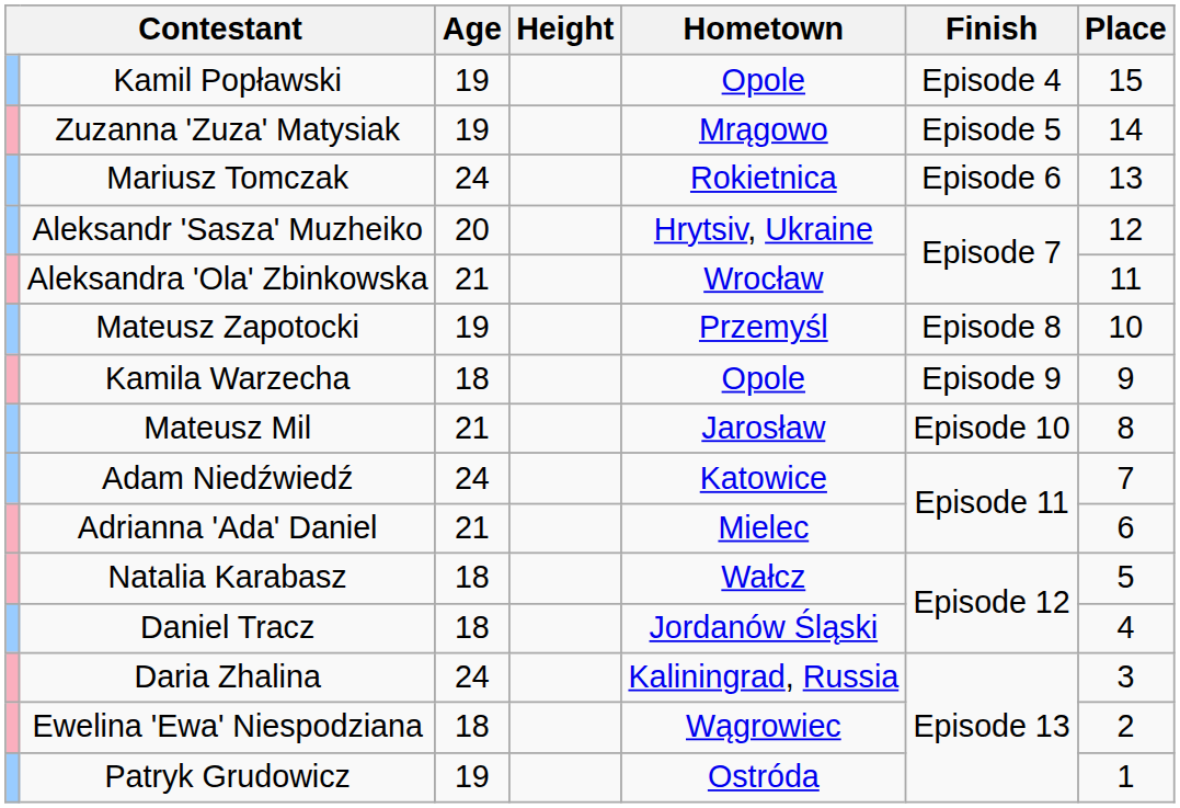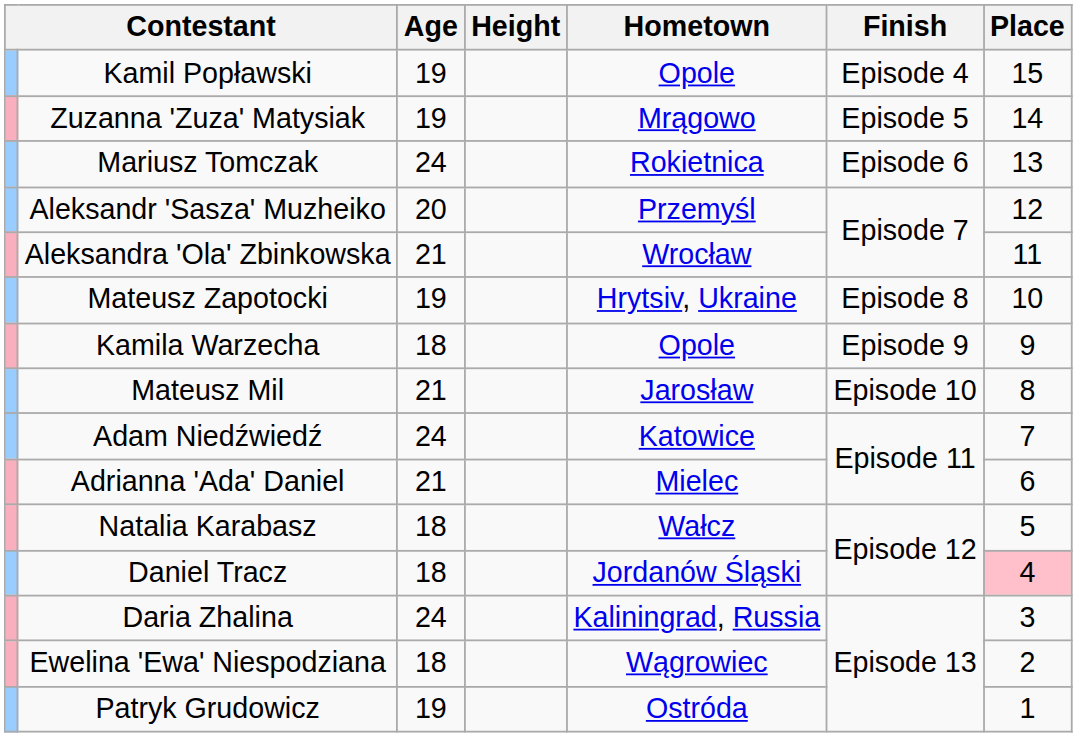 <table class="wikitable sortable" style="text-align:center;">
 <tr>
 <th colspan="2">Contestant</th>
 <th>Age</th>
 <th>Height</th>
 <th>Hometown</th>
 <th>Finish</th>
 <th>Place</th>
 </tr>
 <tr>
 <td style="background:#9cf;"></td>
 <td>Kamil Popławski</td>
 <td>19</td>
 <td></td>
 <td><a href='#'>Opole</a></td>
 <td>Episode 4</td>
 <td>15</td>
 </tr>
 <tr>
 <td style="background:#faafbe"></td>
 <td>Zuzanna 'Zuza' Matysiak</td>
 <td>19</td>
 <td></td>
 <td><a href='#'>Mrągowo</a></td>
 <td>Episode 5</td>
 <td>14</td>
 </tr>
 <tr>
 <td style="background:#9cf;"></td>
 <td>Mariusz Tomczak</td>
 <td>24</td>
 <td nowrap></td>
 <td><a href='#'>Rokietnica</a></td>
 <td>Episode 6</td>
 <td>13</td>
 </tr>
 <tr>
 <td style="background:#9cf;"></td>
 <td nowrap>Aleksandr 'Sasza' Muzheiko</td>
 <td>20</td>
 <td></td>
-<td><a href='#'>Hrytsiv</a>, <a href='#'>Ukraine</a></td>
+<td><a href='#'>Przemyśl</a></td>
 <td rowspan="2">Episode 7</td>
 <td>12</td>
 </tr>
 <tr>
 <td style="background:#faafbe"></td>
 <td nowrap>Aleksandra 'Ola' Zbinkowska</td>
 <td>21</td>
 <td></td>
 <td><a href='#'>Wrocław</a></td>
 <td>11</td>
 </tr>
 <tr>
 <td style="background:#9cf;"></td>
 <td>Mateusz Zapotocki</td>
 <td>19</td>
 <td></td>
-<td><a href='#'>Przemyśl</a></td>
+<td><a href='#'>Hrytsiv</a>, <a href='#'>Ukraine</a></td>
 <td>Episode 8</td>
 <td>10</td>
 </tr>
 <tr>
 <td style="background:#faafbe"></td>
 <td>Kamila Warzecha</td>
 <td>18</td>
 <td></td>
 <td><a href='#'>Opole</a></td>
 <td>Episode 9</td>
 <td>9</td>
 </tr>
 <tr>
 <td style="background:#9cf;"></td>
 <td>Mateusz Mil</td>
 <td>21</td>
 <td nowrap></td>
 <td><a href='#'>Jarosław</a></td>
 <td nowrap>Episode 10</td>
 <td>8</td>
 </tr>
 <tr>
 <td style="background:#9cf;"></td>
 <td>Adam Niedźwiedź</td>
 <td>24</td>
 <td></td>
 <td><a href='#'>Katowice</a></td>
 <td rowspan="2">Episode 11</td>
 <td>7</td>
 </tr>
 <tr>
 <td style="background:#faafbe"></td>
 <td>Adrianna 'Ada' Daniel</td>
 <td>21</td>
 <td></td>
 <td><a href='#'>Mielec</a></td>
 <td>6</td>
 </tr>
 <tr>
 <td style="background:#faafbe"></td>
 <td>Natalia Karabasz</td>
 <td>18</td>
 <td></td>
 <td><a href='#'>Wałcz</a></td>
 <td rowspan="2">Episode 12</td>
 <td>5</td>
 </tr>
 <tr>
 <td style="background:#9cf;"></td>
 <td>Daniel Tracz</td>
 <td>18</td>
 <td></td>
 <td><a href='#'>Jordanów Śląski</a></td>
-<td>4</td>
+<td style="background: pink;">4</td>
 </tr>
 <tr>
 <td style="background:#faafbe"></td>
 <td>Daria Zhalina</td>
 <td>24</td>
 <td></td>
 <td nowrap><a href='#'>Kaliningrad</a>, <a href='#'>Russia</a></td>
 <td rowspan="3">Episode 13</td>
 <td>3</td>
 </tr>
 <tr>
 <td style="background:#faafbe"></td>
 <td nowrap>Ewelina 'Ewa' Niespodziana</td>
 <td>18</td>
 <td></td>
 <td><a href='#'>Wągrowiec</a></td>
 <td>2</td>
 </tr>
 <tr>
 <td style="background:#9cf;"></td>
 <td>Patryk Grudowicz</td>
 <td>19</td>
 <td></td>
 <td><a href='#'>Ostróda</a></td>
 <td>1</td>
 </tr>
 </table>
